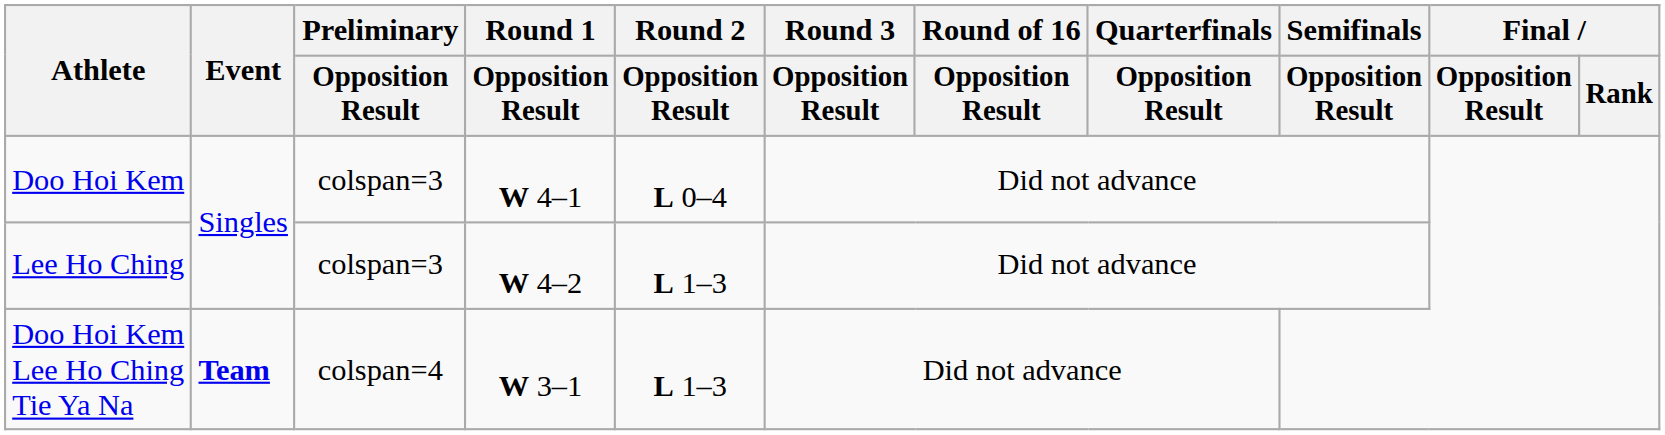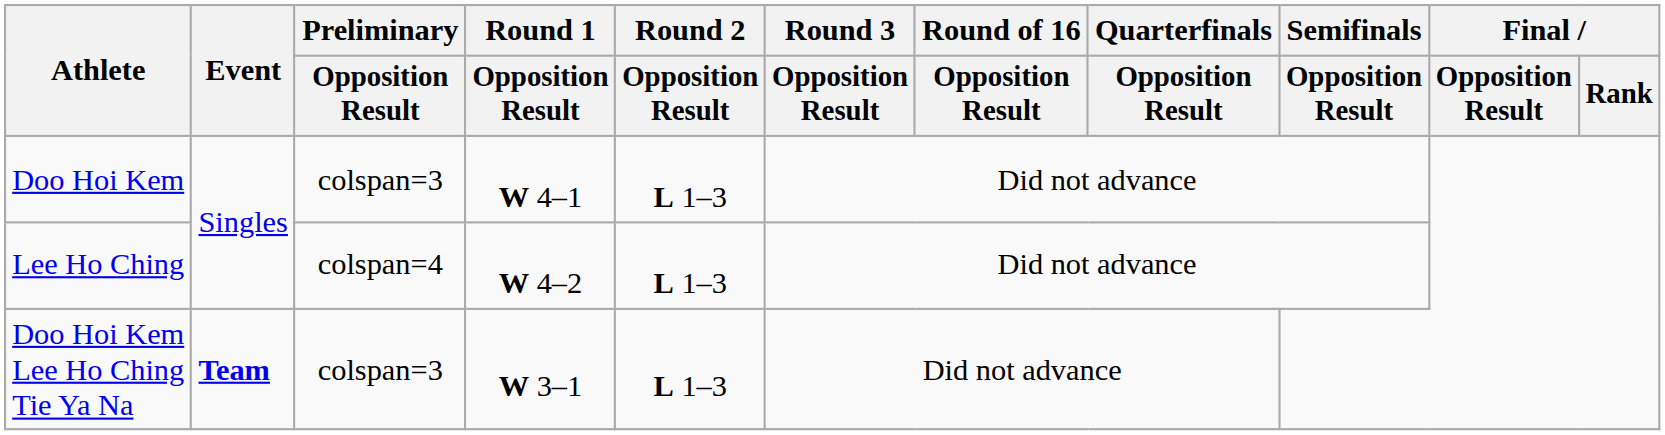 <table class="wikitable" style="font-size:90%;">
 <tr>
 <th rowspan=2>Athlete</th>
 <th rowspan=2>Event</th>
 <th>Preliminary</th>
 <th>Round 1</th>
 <th>Round 2</th>
 <th>Round 3</th>
 <th>Round of 16</th>
 <th>Quarterfinals</th>
 <th>Semifinals</th>
 <th colspan=2>Final / </th>
 </tr>
 <tr style="font-size:95%">
 <th>Opposition<br>Result</th>
 <th>Opposition<br>Result</th>
 <th>Opposition<br>Result</th>
 <th>Opposition<br>Result</th>
 <th>Opposition<br>Result</th>
 <th>Opposition<br>Result</th>
 <th>Opposition<br>Result</th>
 <th>Opposition<br>Result</th>
 <th>Rank</th>
 </tr>
 <tr align=center>
 <td align=left><a href='#'>Doo Hoi Kem</a></td>
 <td align=left rowspan=2><a href='#'>Singles</a></td>
 <td>colspan=3 </td>
 <td><br><strong>W</strong> 4–1</td>
-<td><br><strong>L</strong> 0–4</td>
+<td><br><strong>L</strong> 1–3</td>
 <td colspan=4>Did not advance</td>
 </tr>
 <tr align=center>
 <td align=left><a href='#'>Lee Ho Ching</a></td>
-<td>colspan=3 </td>
+<td>colspan=4 </td>
 <td><br><strong>W</strong> 4–2</td>
 <td><br><strong>L</strong> 1–3</td>
 <td colspan=4>Did not advance</td>
 </tr>
 <tr align=center>
 <td align=left><a href='#'>Doo Hoi Kem</a><br><a href='#'>Lee Ho Ching</a><br><a href='#'>Tie Ya Na</a></td>
 <td align=left><strong><a href='#'>Team</a></strong></td>
-<td>colspan=4 </td>
+<td>colspan=3 </td>
 <td><br><strong>W</strong> 3–1</td>
 <td><br><strong>L</strong> 1–3</td>
 <td colspan=3>Did not advance</td>
 </tr>
 </table>
